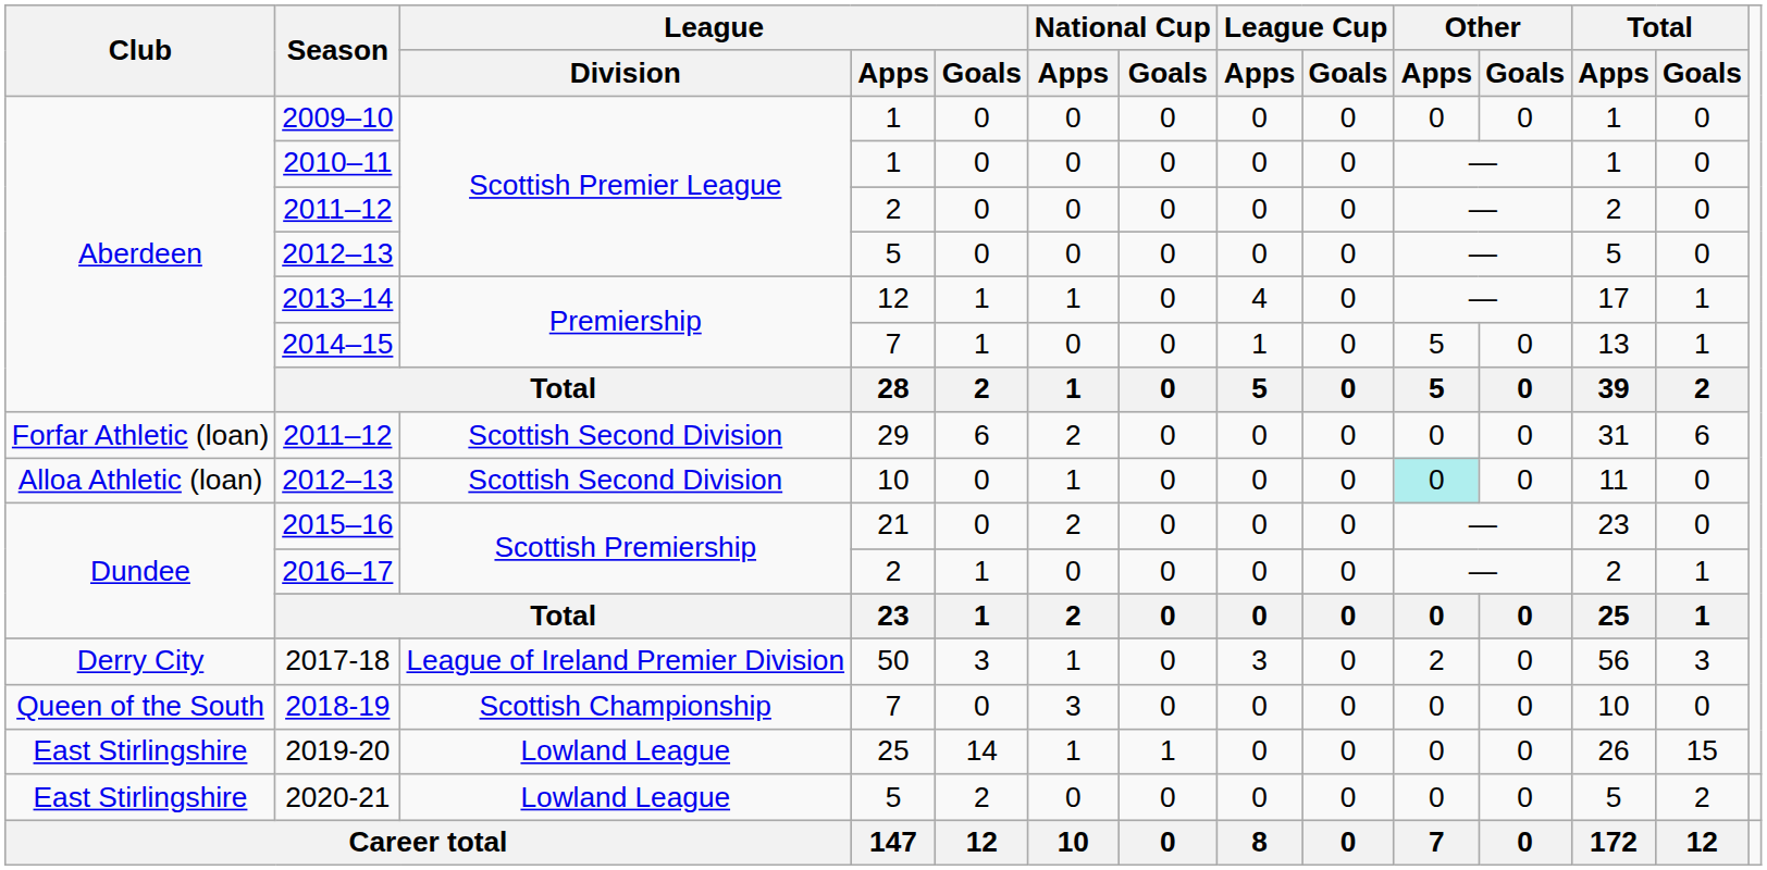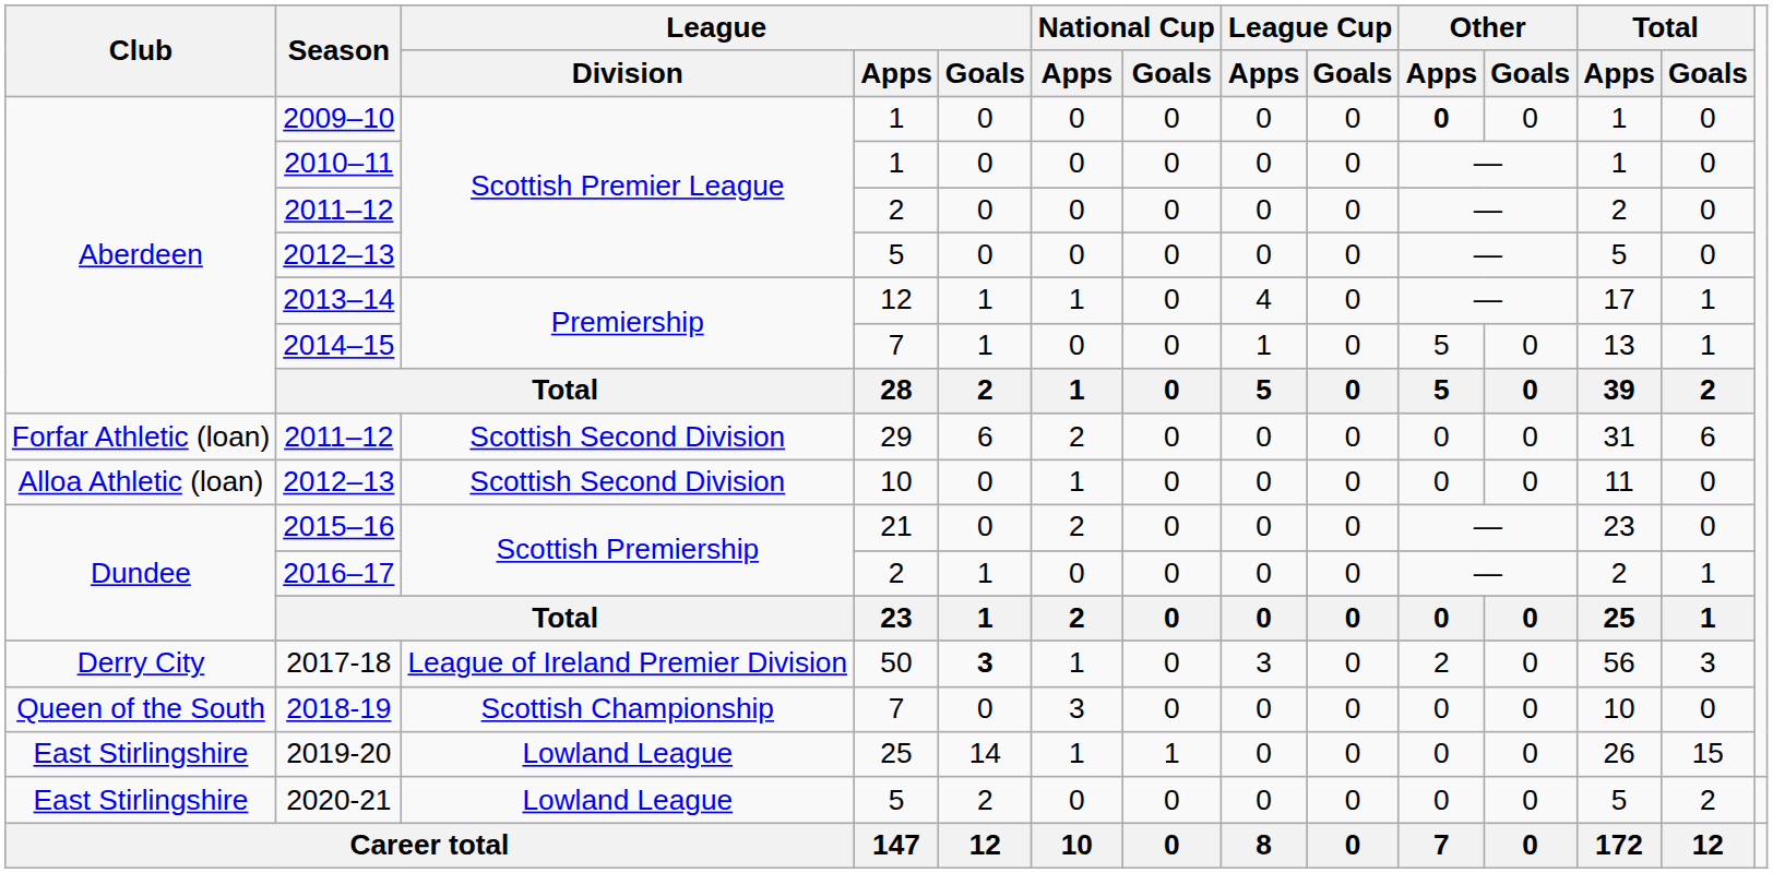 <table class="wikitable" style="text-align: center">
 <tr>
 <th rowspan="2">Club</th>
 <th rowspan="2">Season</th>
 <th colspan="3">League</th>
 <th colspan="2">National Cup</th>
 <th colspan="2">League Cup</th>
 <th colspan="2">Other</th>
 <th colspan="2">Total</th>
 </tr>
 <tr>
 <th>Division</th>
 <th>Apps</th>
 <th>Goals</th>
 <th>Apps</th>
 <th>Goals</th>
 <th>Apps</th>
 <th>Goals</th>
 <th>Apps</th>
 <th>Goals</th>
 <th>Apps</th>
 <th>Goals</th>
 </tr>
 <tr>
 <td rowspan="7"><a href='#'>Aberdeen</a></td>
 <td><a href='#'>2009–10</a></td>
 <td rowspan="4"><a href='#'>Scottish Premier League</a></td>
 <td>1</td>
 <td>0</td>
 <td>0</td>
 <td>0</td>
 <td>0</td>
 <td>0</td>
-<td>0</td>
+<td><strong>0</strong></td>
 <td>0</td>
 <td>1</td>
 <td>0</td>
 </tr>
 <tr>
 <td><a href='#'>2010–11</a></td>
 <td>1</td>
 <td>0</td>
 <td>0</td>
 <td>0</td>
 <td>0</td>
 <td>0</td>
 <td colspan="2">—</td>
 <td>1</td>
 <td>0</td>
 </tr>
 <tr>
 <td><a href='#'>2011–12</a></td>
 <td>2</td>
 <td>0</td>
 <td>0</td>
 <td>0</td>
 <td>0</td>
 <td>0</td>
 <td colspan="2">—</td>
 <td>2</td>
 <td>0</td>
 </tr>
 <tr>
 <td><a href='#'>2012–13</a></td>
 <td>5</td>
 <td>0</td>
 <td>0</td>
 <td>0</td>
 <td>0</td>
 <td>0</td>
 <td colspan="2">—</td>
 <td>5</td>
 <td>0</td>
 </tr>
 <tr>
 <td><a href='#'>2013–14</a></td>
 <td rowspan="2"><a href='#'>Premiership</a></td>
 <td>12</td>
 <td>1</td>
 <td>1</td>
 <td>0</td>
 <td>4</td>
 <td>0</td>
 <td colspan="2">—</td>
 <td>17</td>
 <td>1</td>
 </tr>
 <tr>
 <td><a href='#'>2014–15</a></td>
 <td>7</td>
 <td>1</td>
 <td>0</td>
 <td>0</td>
 <td>1</td>
 <td>0</td>
 <td>5</td>
 <td>0</td>
 <td>13</td>
 <td>1</td>
 </tr>
 <tr>
 <th colspan="2">Total</th>
 <th>28</th>
 <th>2</th>
 <th>1</th>
 <th>0</th>
 <th>5</th>
 <th>0</th>
 <th>5</th>
 <th>0</th>
 <th>39</th>
 <th>2</th>
 </tr>
 <tr>
 <td><a href='#'>Forfar Athletic</a> (loan)</td>
 <td><a href='#'>2011–12</a></td>
 <td><a href='#'>Scottish Second Division</a></td>
 <td>29</td>
 <td>6</td>
 <td>2</td>
 <td>0</td>
 <td>0</td>
 <td>0</td>
 <td>0</td>
 <td>0</td>
 <td>31</td>
 <td>6</td>
 </tr>
 <tr>
 <td><a href='#'>Alloa Athletic</a> (loan)</td>
 <td><a href='#'>2012–13</a></td>
 <td><a href='#'>Scottish Second Division</a></td>
 <td>10</td>
 <td>0</td>
 <td>1</td>
 <td>0</td>
 <td>0</td>
 <td>0</td>
-<td style="background: paleturquoise;">0</td>
+<td>0</td>
 <td>0</td>
 <td>11</td>
 <td>0</td>
 </tr>
 <tr>
 <td rowspan="3"><a href='#'>Dundee</a></td>
 <td><a href='#'>2015–16</a></td>
 <td rowspan="2"><a href='#'>Scottish Premiership</a></td>
 <td>21</td>
 <td>0</td>
 <td>2</td>
 <td>0</td>
 <td>0</td>
 <td>0</td>
 <td colspan="2">—</td>
 <td>23</td>
 <td>0</td>
 </tr>
 <tr>
 <td><a href='#'>2016–17</a></td>
 <td>2</td>
 <td>1</td>
 <td>0</td>
 <td>0</td>
 <td>0</td>
 <td>0</td>
 <td colspan="2">—</td>
 <td>2</td>
 <td>1</td>
 </tr>
 <tr>
 <th colspan="2">Total</th>
 <th>23</th>
 <th>1</th>
 <th>2</th>
 <th>0</th>
 <th>0</th>
 <th>0</th>
 <th>0</th>
 <th>0</th>
 <th>25</th>
 <th>1</th>
 </tr>
 <tr>
 <td><a href='#'>Derry City</a></td>
 <td>2017-18</td>
 <td><a href='#'>League of Ireland Premier Division</a></td>
 <td>50</td>
-<td>3</td>
+<td><strong>3</strong></td>
 <td>1</td>
 <td>0</td>
 <td>3</td>
 <td>0</td>
 <td>2</td>
 <td>0</td>
 <td>56</td>
 <td>3</td>
 </tr>
 <tr>
 <td><a href='#'>Queen of the South</a></td>
 <td><a href='#'>2018-19</a></td>
 <td><a href='#'>Scottish Championship</a></td>
 <td>7</td>
 <td>0</td>
 <td>3</td>
 <td>0</td>
 <td>0</td>
 <td>0</td>
 <td>0</td>
 <td>0</td>
 <td>10</td>
 <td>0</td>
 </tr>
 <tr>
 <td><a href='#'>East Stirlingshire</a></td>
 <td>2019-20</td>
 <td><a href='#'>Lowland League</a></td>
 <td>25</td>
 <td>14</td>
 <td>1</td>
 <td>1</td>
 <td>0</td>
 <td>0</td>
 <td>0</td>
 <td>0</td>
 <td>26</td>
 <td>15</td>
 </tr>
 <tr>
 <td><a href='#'>East Stirlingshire</a></td>
 <td>2020-21</td>
 <td><a href='#'>Lowland League</a></td>
 <td>5</td>
 <td>2</td>
 <td>0</td>
 <td>0</td>
 <td>0</td>
 <td>0</td>
 <td>0</td>
 <td>0</td>
 <td>5</td>
 <td>2</td>
 <td></td>
 </tr>
 <tr>
 <th colspan="3">Career total</th>
 <th>147</th>
 <th>12</th>
 <th>10</th>
 <th>0</th>
 <th>8</th>
 <th>0</th>
 <th>7</th>
 <th>0</th>
 <th>172</th>
 <th>12</th>
 </tr>
 </table>
